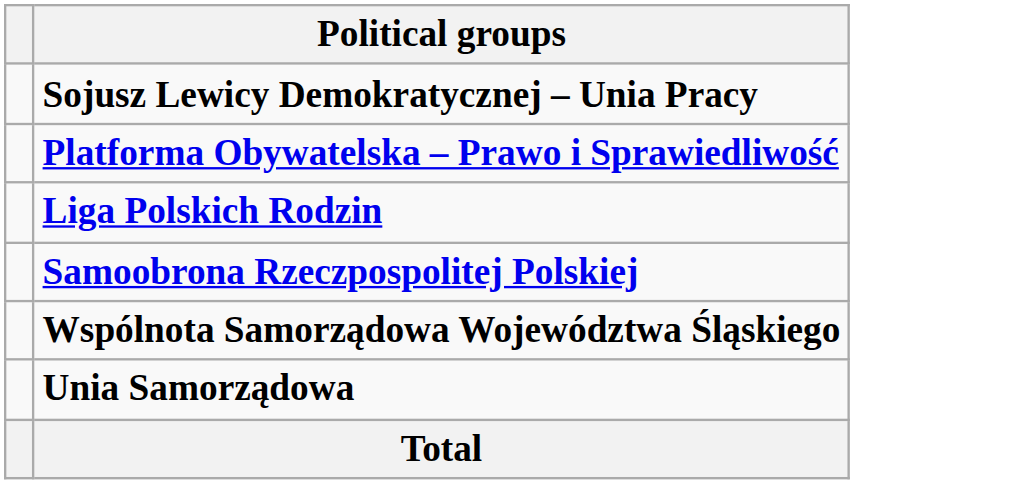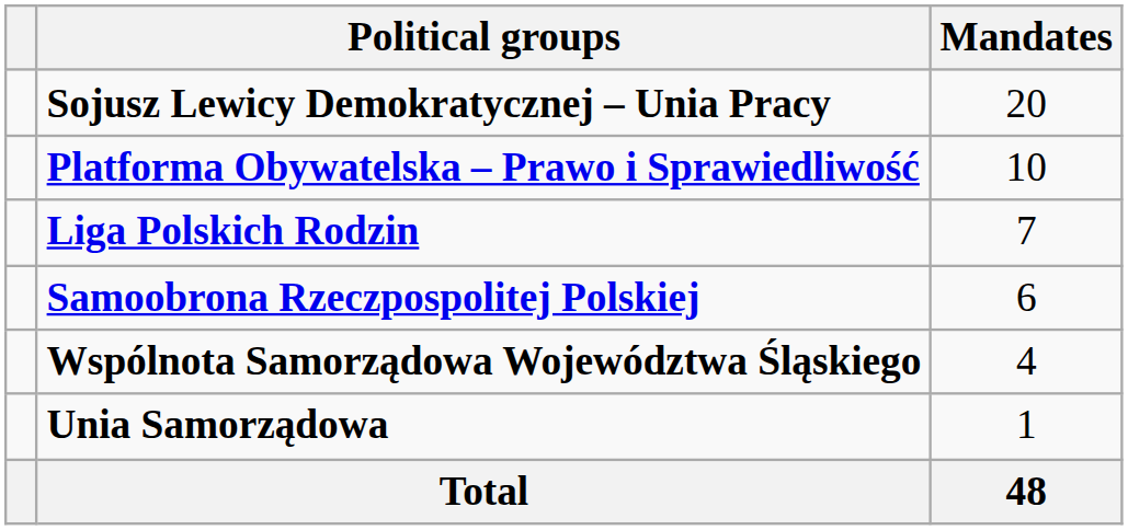 <table class="wikitable">
 <tr>
 <th width=5></th>
 <th>Political groups</th>
+<th>Mandates</th>
 </tr>
 <tr>
 <td style="background:"></td>
 <td><strong>Sojusz Lewicy Demokratycznej – Unia Pracy</strong></td>
+<td align="center">20</td>
 </tr>
 <tr>
 <td style="background:"></td>
 <td><strong><a href='#'>Platforma Obywatelska – Prawo i Sprawiedliwość</a></strong></td>
+<td align="center">10</td>
 </tr>
 <tr>
 <td style="background:"></td>
 <td><strong><a href='#'>Liga Polskich Rodzin</a></strong></td>
+<td align="center">7</td>
 </tr>
 <tr>
 <td style="background:"></td>
 <td><strong><a href='#'>Samoobrona Rzeczpospolitej Polskiej</a></strong></td>
+<td align="center">6</td>
 </tr>
 <tr>
 <td style="background:"></td>
 <td><strong>Wspólnota Samorządowa Województwa Śląskiego</strong></td>
+<td align="center">4</td>
 </tr>
 <tr>
 <td style="background:"></td>
 <td><strong>Unia Samorządowa</strong></td>
+<td align="center">1</td>
 </tr>
 <tr bgcolor="#ececec">
 <th></th>
 <th>Total</th>
+<th align="center">48</th>
 </tr>
 </table>
